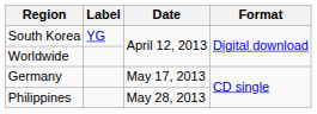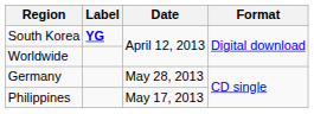 <table class="wikitable plainrowheaders">
 <tr>
 <th scope="col">Region</th>
 <th scope="col">Label</th>
 <th scope="col">Date</th>
 <th scope="col">Format</th>
 </tr>
 <tr>
 <td>South Korea</td>
-<td><a href='#'>YG</a></td>
+<td><strong><a href='#'>YG</a></strong></td>
 <td rowspan="2">April 12, 2013</td>
 <td rowspan="2"><a href='#'>Digital download</a></td>
 </tr>
 <tr>
 <td>Worldwide</td>
 <td></td>
 </tr>
 <tr>
 <td>Germany</td>
 <td></td>
-<td>May 17, 2013</td>
+<td>May 28, 2013</td>
 <td rowspan="2"><a href='#'>CD single</a></td>
 </tr>
 <tr>
 <td>Philippines</td>
 <td></td>
-<td>May 28, 2013</td>
+<td>May 17, 2013</td>
 </tr>
 </table>
